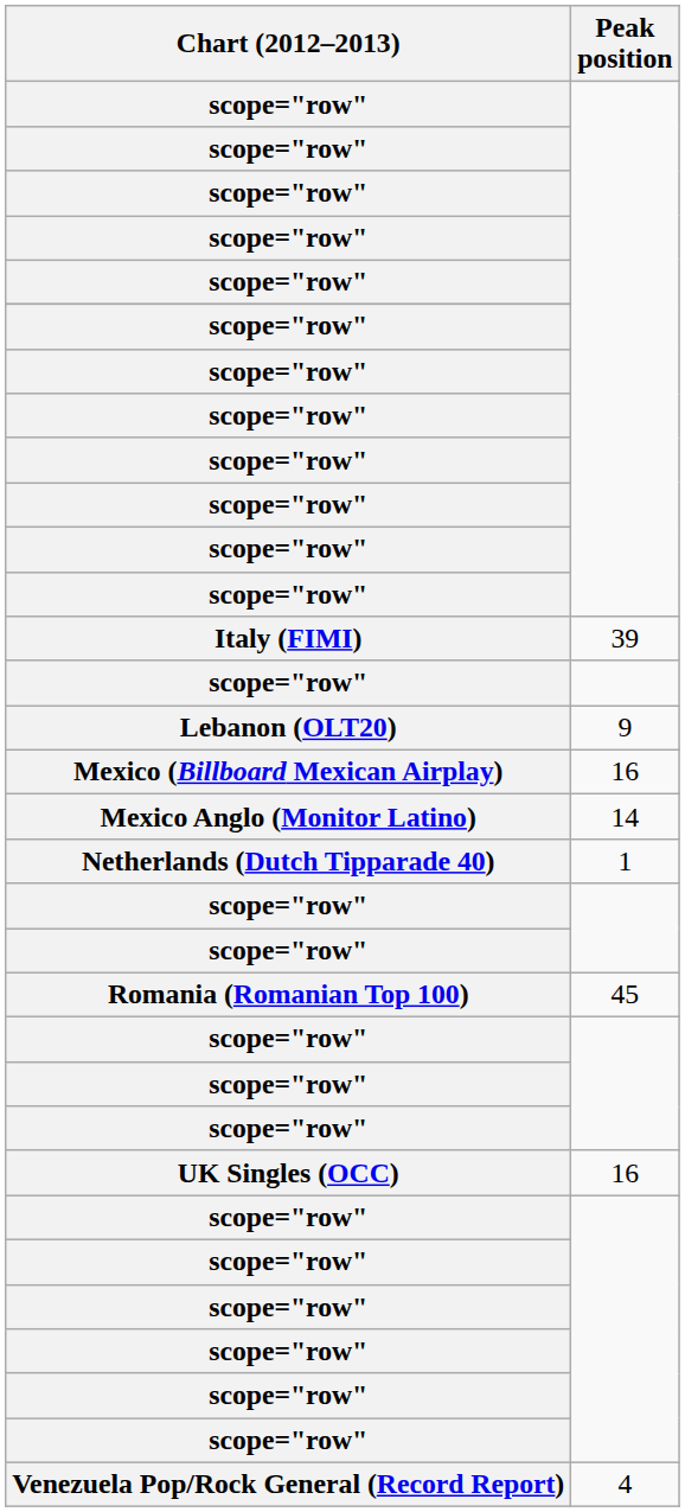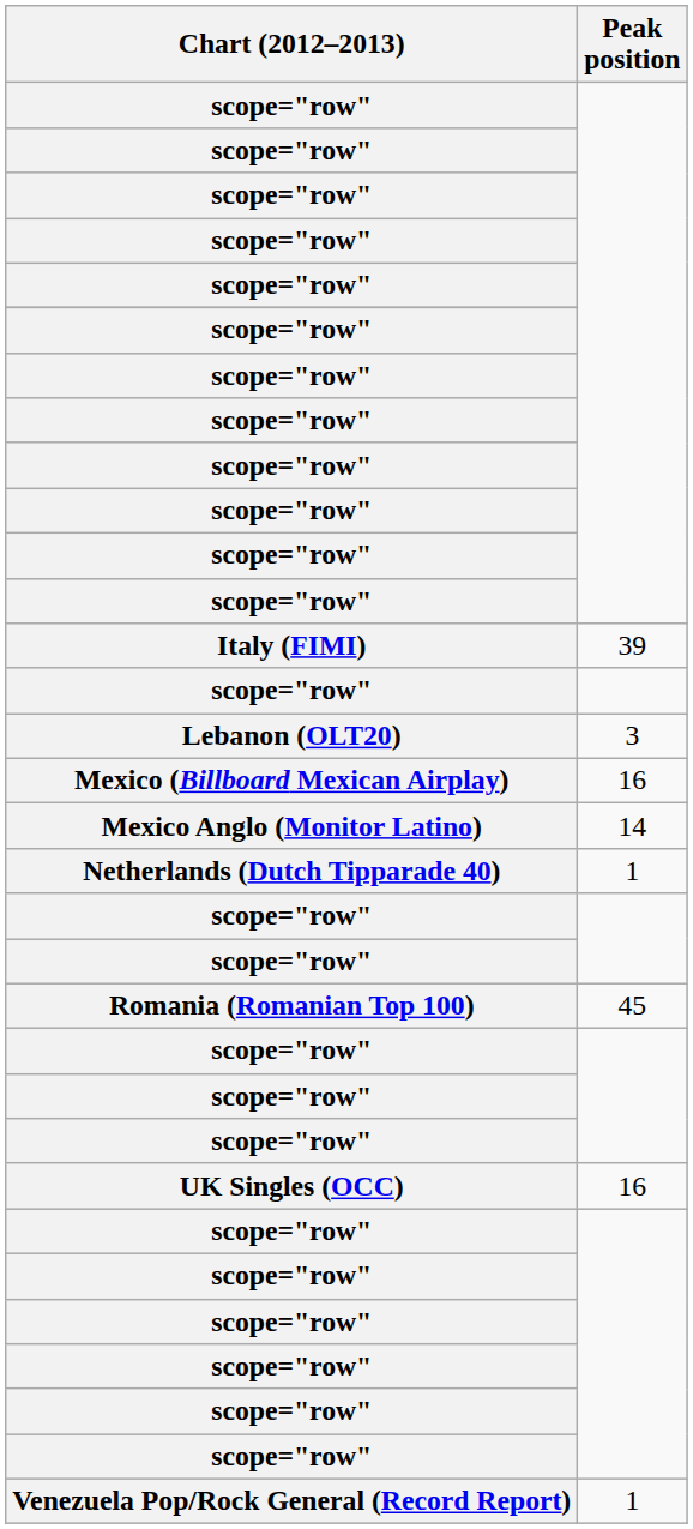 <table class="wikitable sortable plainrowheaders" style="text-align:center;">
 <tr>
 <th scope="col">Chart (2012–2013)</th>
 <th scope="col">Peak<br>position</th>
 </tr>
 <tr>
 <th>scope="row" </th>
 </tr>
 <tr>
 <th>scope="row" </th>
 </tr>
 <tr>
 <th>scope="row" </th>
 </tr>
 <tr>
 <th>scope="row" </th>
 </tr>
 <tr>
 <th>scope="row" </th>
 </tr>
 <tr>
 </tr>
 <tr>
 </tr>
 <tr>
 <th>scope="row" </th>
 </tr>
 <tr>
 <th>scope="row" </th>
 </tr>
 <tr>
 <th>scope="row" </th>
 </tr>
 <tr>
 <th>scope="row" </th>
 </tr>
 <tr>
 <th>scope="row" </th>
 </tr>
 <tr>
 <th>scope="row" </th>
 </tr>
 <tr>
 <th>scope="row" </th>
 </tr>
 <tr>
 <th scope="row">Italy (<a href='#'>FIMI</a>)</th>
 <td>39</td>
 </tr>
 <tr>
 <th>scope="row" </th>
 </tr>
 <tr>
 <th scope="row">Lebanon (<a href='#'>OLT20</a>)</th>
-<td>9</td>
+<td>3</td>
 </tr>
 <tr>
 <th scope="row">Mexico (<a href='#'><em>Billboard</em> Mexican Airplay</a>)</th>
 <td>16</td>
 </tr>
 <tr>
 <th scope="row">Mexico Anglo (<a href='#'>Monitor Latino</a>)</th>
 <td>14</td>
 </tr>
 <tr>
 <th scope="row">Netherlands (<a href='#'>Dutch Tipparade 40</a>)</th>
 <td>1</td>
 </tr>
 <tr>
 <th>scope="row" </th>
 </tr>
 <tr>
 <th>scope="row" </th>
 </tr>
 <tr>
 <th scope="row">Romania (<a href='#'>Romanian Top 100</a>)</th>
 <td style="text-align:center;">45</td>
 </tr>
 <tr>
 <th>scope="row" </th>
 </tr>
 <tr>
 <th>scope="row" </th>
 </tr>
 <tr>
 <th>scope="row" </th>
 </tr>
 <tr>
 <th scope="row">UK Singles (<a href='#'>OCC</a>)</th>
 <td>16</td>
 </tr>
 <tr>
 <th>scope="row" </th>
 </tr>
 <tr>
 <th>scope="row" </th>
 </tr>
 <tr>
 <th>scope="row" </th>
 </tr>
 <tr>
 <th>scope="row" </th>
 </tr>
 <tr>
 <th>scope="row" </th>
 </tr>
 <tr>
 <th>scope="row" </th>
 </tr>
 <tr>
 <th scope="row">Venezuela Pop/Rock General (<a href='#'>Record Report</a>)</th>
-<td style="text-align:center;">4</td>
+<td style="text-align:center;">1</td>
 </tr>
 </table>
